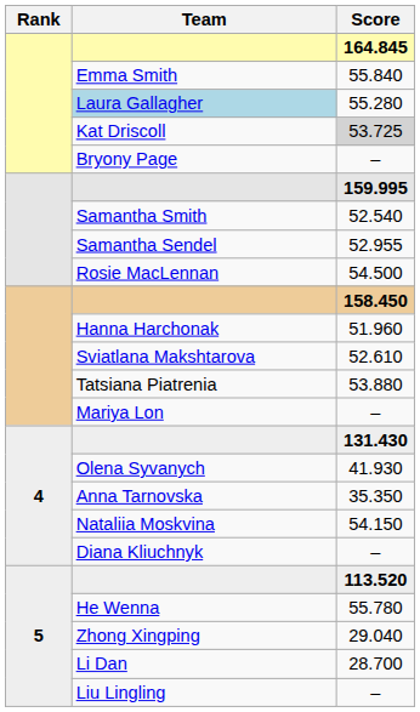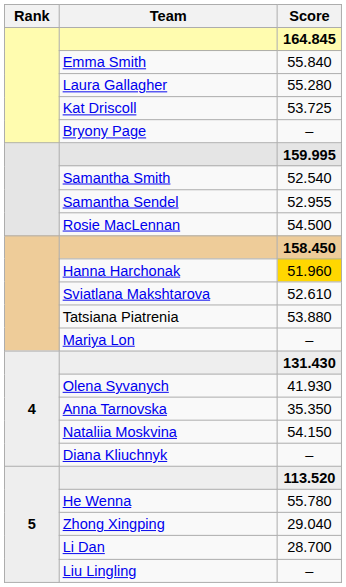 <table class="wikitable" style="text-align:center; font-size:95%">
 <tr>
 <th style="width:50px;">Rank</th>
 <th style="width:220px;">Team</th>
 <th style="width:60px;">Score</th>
 </tr>
 <tr style="background:#fffcaf;">
 <td rowspan=5></td>
 <td style="text-align:left;"><strong></strong></td>
 <td><strong>164.845</strong></td>
 </tr>
 <tr>
 <td style="text-align:left;"><a href='#'>Emma Smith</a></td>
 <td>55.840</td>
 </tr>
 <tr>
-<td style="background: lightblue; text-align:left;"><a href='#'>Laura Gallagher</a></td>
+<td style="text-align:left;"><a href='#'>Laura Gallagher</a></td>
 <td>55.280</td>
 </tr>
 <tr>
 <td style="text-align:left;"><a href='#'>Kat Driscoll</a></td>
-<td style="background: lightgrey;">53.725</td>
+<td>53.725</td>
 </tr>
 <tr>
 <td style="text-align:left;"><a href='#'>Bryony Page</a></td>
 <td>–</td>
 </tr>
 <tr style="background:#e5e5e5;">
 <td rowspan=4></td>
 <td style="text-align:left;"><strong></strong></td>
 <td><strong>159.995</strong></td>
 </tr>
 <tr>
 <td style="text-align:left;"><a href='#'>Samantha Smith</a></td>
 <td>52.540</td>
 </tr>
 <tr>
 <td style="text-align:left;"><a href='#'>Samantha Sendel</a></td>
 <td>52.955</td>
 </tr>
 <tr>
 <td style="text-align:left;"><a href='#'>Rosie MacLennan</a></td>
 <td>54.500</td>
 </tr>
 <tr style="background:#ec9;">
 <td rowspan=5></td>
 <td style="text-align:left;"><strong></strong></td>
 <td><strong>158.450</strong></td>
 </tr>
 <tr>
 <td style="text-align:left;"><a href='#'>Hanna Harchonak</a></td>
-<td>51.960</td>
+<td style="background: gold;">51.960</td>
 </tr>
 <tr>
 <td style="text-align:left;"><a href='#'>Sviatlana Makshtarova</a></td>
 <td>52.610</td>
 </tr>
 <tr>
 <td style="text-align:left;">Tatsiana Piatrenia</td>
 <td>53.880</td>
 </tr>
 <tr>
 <td style="text-align:left;"><a href='#'>Mariya Lon</a></td>
 <td>–</td>
 </tr>
 <tr style="background:#eee;">
 <td rowspan=5><strong>4</strong></td>
 <td style="text-align:left;"><strong></strong></td>
 <td><strong>131.430</strong></td>
 </tr>
 <tr>
 <td style="text-align:left;"><a href='#'>Olena Syvanych</a></td>
 <td>41.930</td>
 </tr>
 <tr>
 <td style="text-align:left;"><a href='#'>Anna Tarnovska</a></td>
 <td>35.350</td>
 </tr>
 <tr>
 <td style="text-align:left;"><a href='#'>Nataliia Moskvina</a></td>
 <td>54.150</td>
 </tr>
 <tr>
 <td style="text-align:left;"><a href='#'>Diana Kliuchnyk</a></td>
 <td>–</td>
 </tr>
 <tr style="background:#eee;">
 <td rowspan=5><strong>5</strong></td>
 <td style="text-align:left;"><strong></strong></td>
 <td><strong>113.520</strong></td>
 </tr>
 <tr>
 <td style="text-align:left;"><a href='#'>He Wenna</a></td>
 <td>55.780</td>
 </tr>
 <tr>
 <td style="text-align:left;"><a href='#'>Zhong Xingping</a></td>
 <td>29.040</td>
 </tr>
 <tr>
 <td style="text-align:left;"><a href='#'>Li Dan</a></td>
 <td>28.700</td>
 </tr>
 <tr>
 <td style="text-align:left;"><a href='#'>Liu Lingling</a></td>
 <td>–</td>
 </tr>
 </table>
